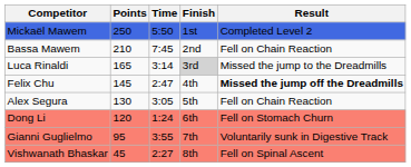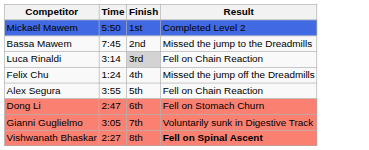 <table class="wikitable sortable">
 <tr>
 <th nowrap="nowrap">Competitor</th>
-<th>Points</th>
 <th>Time</th>
 <th>Finish</th>
 <th>Result</th>
 </tr>
 <tr style="background:royalblue;">
 <td> Mickaël Mawem</td>
-<td>250</td>
 <td>5:50</td>
 <td>1st</td>
 <td>Completed Level 2</td>
 </tr>
 <tr>
 <td> Bassa Mawem</td>
-<td>210</td>
 <td>7:45</td>
 <td>2nd</td>
+<td>Missed the jump to the Dreadmills</td>
+</tr>
+<tr>
+<td> Luca Rinaldi</td>
+<td>3:14</td>
+<td style="background: lightgrey;">3rd</td>
 <td>Fell on Chain Reaction</td>
 </tr>
 <tr>
-<td> Luca Rinaldi</td>
-<td>165</td>
-<td>3:14</td>
-<td style="background: lightgrey;">3rd</td>
-<td>Missed the jump to the Dreadmills</td>
-</tr>
-<tr>
 <td> Felix Chu</td>
-<td>145</td>
-<td>2:47</td>
+<td>1:24</td>
 <td>4th</td>
-<td><strong>Missed the jump off the Dreadmills</strong></td>
+<td>Missed the jump off the Dreadmills</td>
 </tr>
 <tr>
 <td> Alex Segura</td>
-<td>130</td>
-<td>3:05</td>
+<td>3:55</td>
 <td>5th</td>
 <td>Fell on Chain Reaction</td>
 </tr>
 <tr style="background-color:#fa8072">
 <td> Dong Li</td>
-<td>120</td>
-<td>1:24</td>
+<td>2:47</td>
 <td>6th</td>
 <td>Fell on Stomach Churn</td>
 </tr>
 <tr style="background-color:#fa8072">
 <td> Gianni Guglielmo</td>
-<td>95</td>
-<td>3:55</td>
+<td>3:05</td>
 <td>7th</td>
 <td>Voluntarily sunk in Digestive Track</td>
 </tr>
 <tr style="background-color:#fa8072">
 <td> Vishwanath Bhaskar</td>
-<td>45</td>
 <td>2:27</td>
 <td>8th</td>
-<td>Fell on Spinal Ascent</td>
+<td><strong>Fell on Spinal Ascent</strong></td>
 </tr>
 </table>
